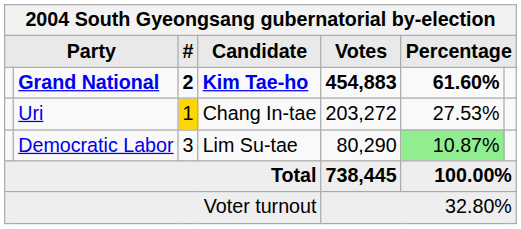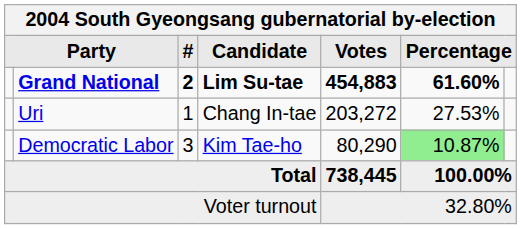 <table class="wikitable">
 <tr>
 <th colspan="7">2004 South Gyeongsang gubernatorial by-election</th>
 </tr>
 <tr>
 <th style="background-color:#E9E9E9" colspan=2>Party</th>
 <th style="background-color:#E9E9E9">#</th>
 <th style="background-color:#E9E9E9">Candidate</th>
 <th style="background-color:#E9E9E9">Votes</th>
 <th style="background-color:#E9E9E9" colspan=2>Percentage</th>
 </tr>
 <tr style="font-weight:bold">
 <td></td>
 <td align=left><a href='#'>Grand National</a></td>
 <td align=center>2</td>
-<td align=left><a href='#'>Kim Tae-ho</a></td>
+<td align=left>Lim Su-tae</td>
 <td align=right>454,883</td>
 <td align=right>61.60%</td>
 <td align=right></td>
 </tr>
 <tr>
 <td></td>
 <td align=left><a href='#'>Uri</a></td>
-<td align=center style="background: gold;">1</td>
+<td align=center>1</td>
 <td align=left>Chang In-tae</td>
 <td align=right>203,272</td>
 <td align=right>27.53%</td>
 <td align=right></td>
 </tr>
 <tr>
 <td></td>
 <td align=left><a href='#'>Democratic Labor</a></td>
 <td align=center>3</td>
-<td align=left>Lim Su-tae</td>
+<td align=left><a href='#'>Kim Tae-ho</a></td>
 <td align=right>80,290</td>
 <td align=right style="background: lightgreen;">10.87%</td>
 <td align=right></td>
 </tr>
 <tr bgcolor="#EEEEEE" style="font-weight:bold">
 <td colspan="4" align=right>Total</td>
 <td align=right>738,445</td>
 <td align=right colspan=2>100.00%</td>
 </tr>
 <tr bgcolor="#EEEEEE">
 <td colspan="4" align="right">Voter turnout</td>
 <td colspan="3" align="right">32.80%</td>
 </tr>
 </table>
